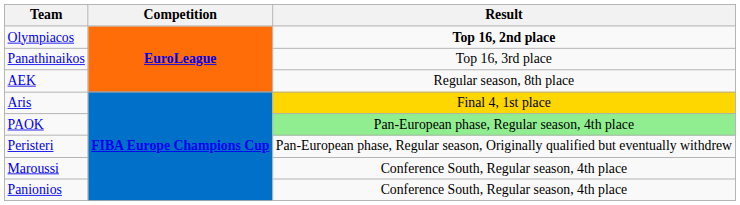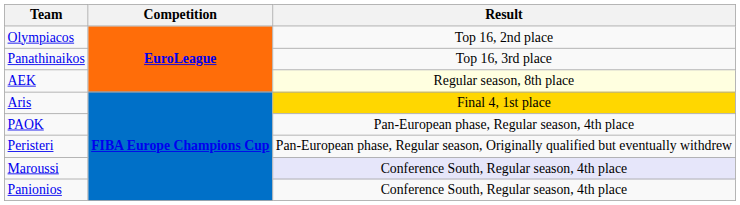 <table class="wikitable sortable">
 <tr>
 <th>Team</th>
 <th>Competition</th>
 <th>Result</th>
 </tr>
 <tr>
 <td><a href='#'>Olympiacos</a></td>
 <td rowspan="3" style="background:#ff6d09;color:#ffffff;text-align:center"><strong><a href='#'><span>EuroLeague</span></a></strong></td>
-<td style="text-align:center"><strong>Top 16, 2nd place</strong></td>
+<td style="text-align:center">Top 16, 2nd place</td>
 </tr>
 <tr>
 <td><a href='#'>Panathinaikos</a></td>
 <td style="text-align:center">Top 16, 3rd place</td>
 </tr>
 <tr>
 <td><a href='#'>AEK</a></td>
-<td style="text-align:center">Regular season, 8th place</td>
+<td style="background: lightyellow; text-align:center">Regular season, 8th place</td>
 </tr>
 <tr>
 <td><a href='#'>Aris</a></td>
 <td rowspan="5" style="background-color:#0070C8;color:white;text-align:center"><strong><a href='#'><span>FIBA Europe Champions Cup</span></a></strong></td>
 <td style="background:#FFD700;text-align:center">Final 4, 1st place</td>
 </tr>
 <tr>
 <td><a href='#'>PAOK</a></td>
-<td style="background: lightgreen; text-align:center">Pan-European phase, Regular season, 4th place</td>
+<td style="text-align:center">Pan-European phase, Regular season, 4th place</td>
 </tr>
 <tr>
 <td><a href='#'>Peristeri</a></td>
 <td style="text-align:center">Pan-European phase, Regular season, Originally qualified but eventually withdrew</td>
 </tr>
 <tr>
 <td><a href='#'>Maroussi</a></td>
-<td style="text-align:center">Conference South, Regular season, 4th place</td>
+<td style="background: lavender; text-align:center">Conference South, Regular season, 4th place</td>
 </tr>
 <tr>
 <td><a href='#'>Panionios</a></td>
 <td style="text-align:center">Conference South, Regular season, 4th place</td>
 </tr>
 </table>
